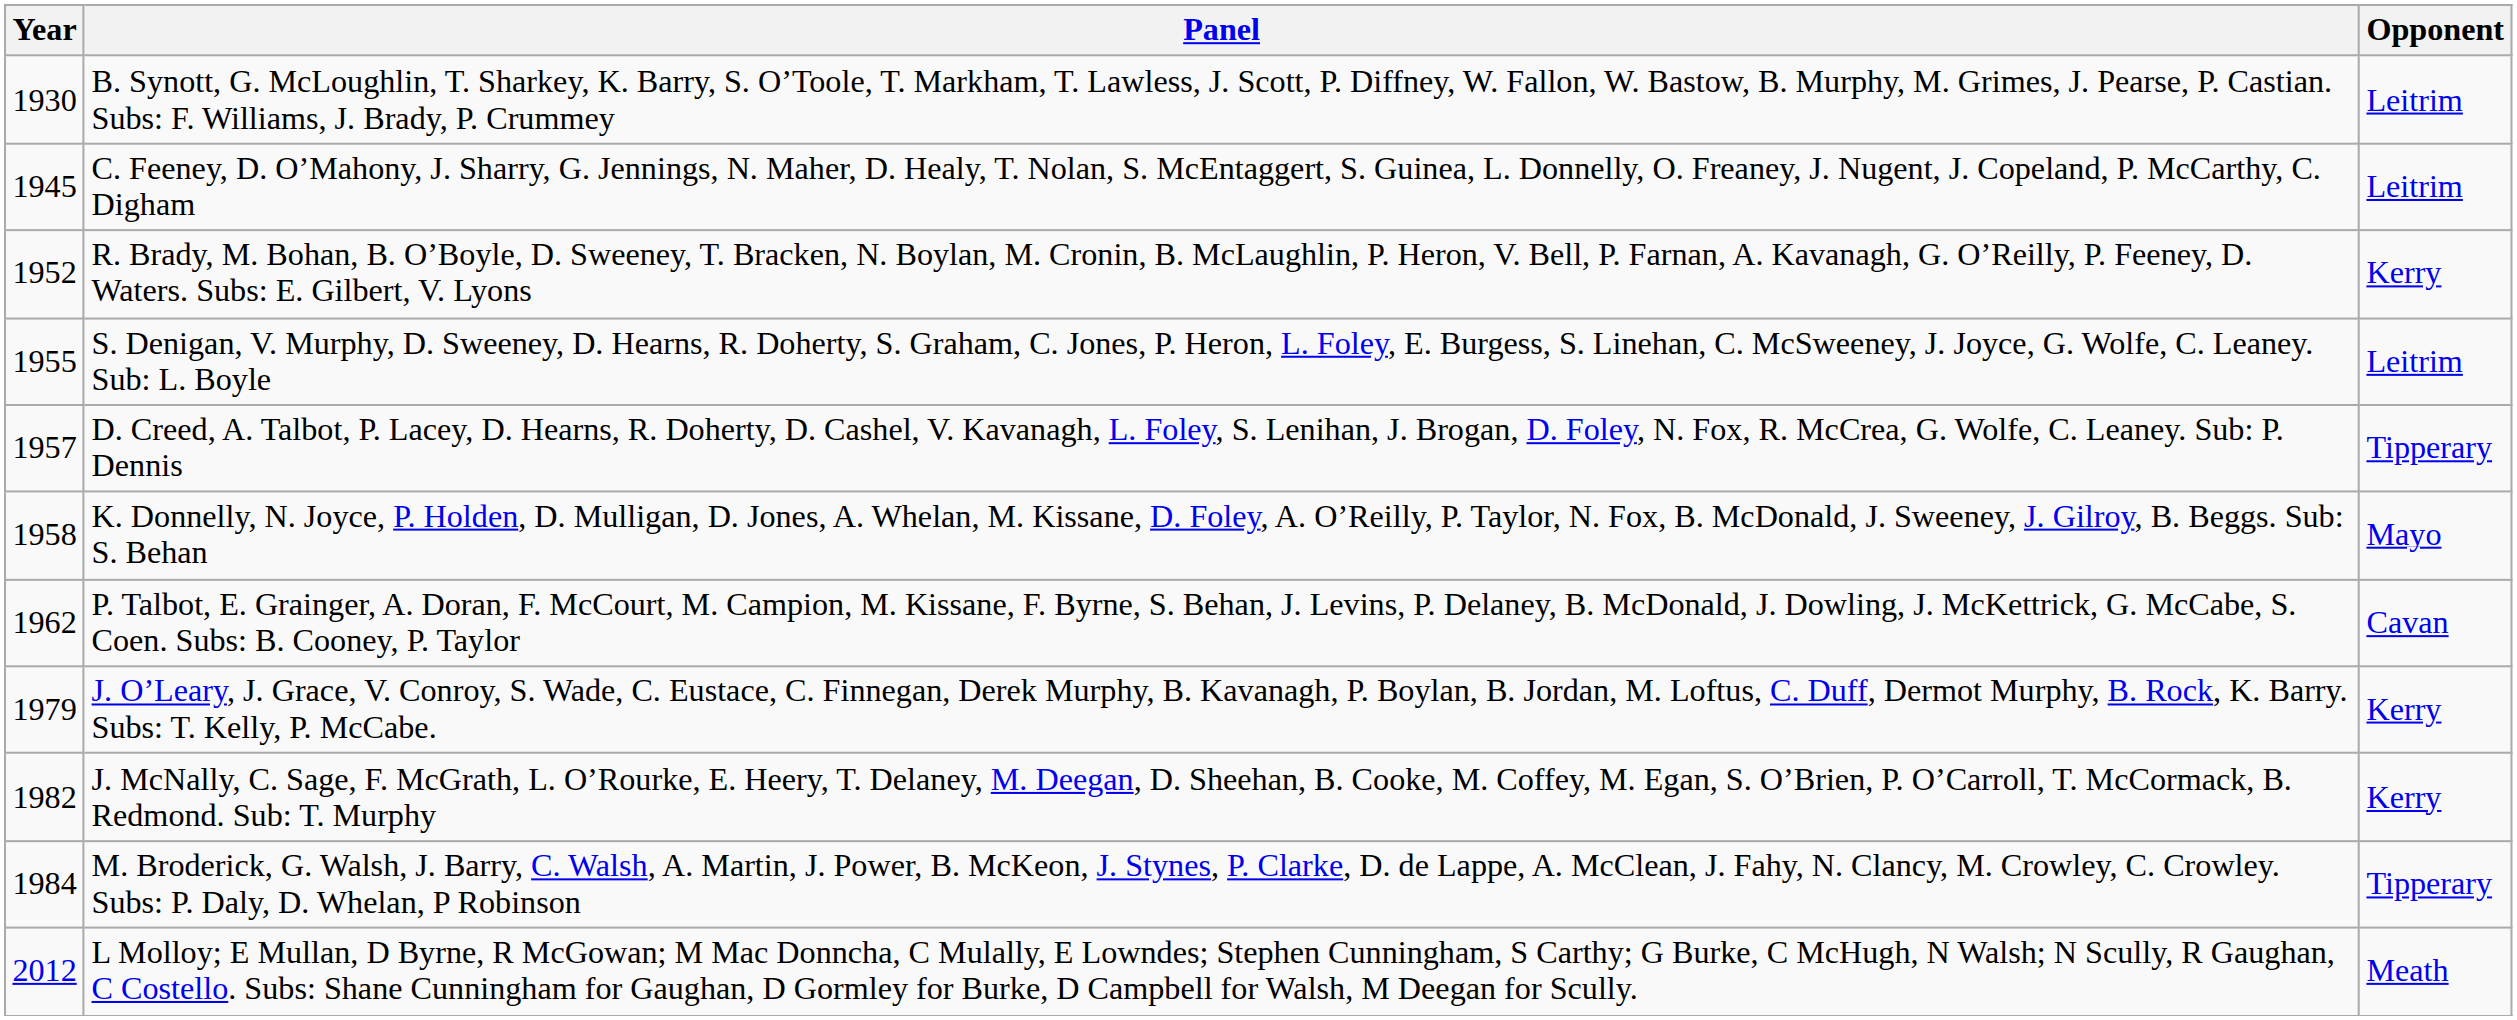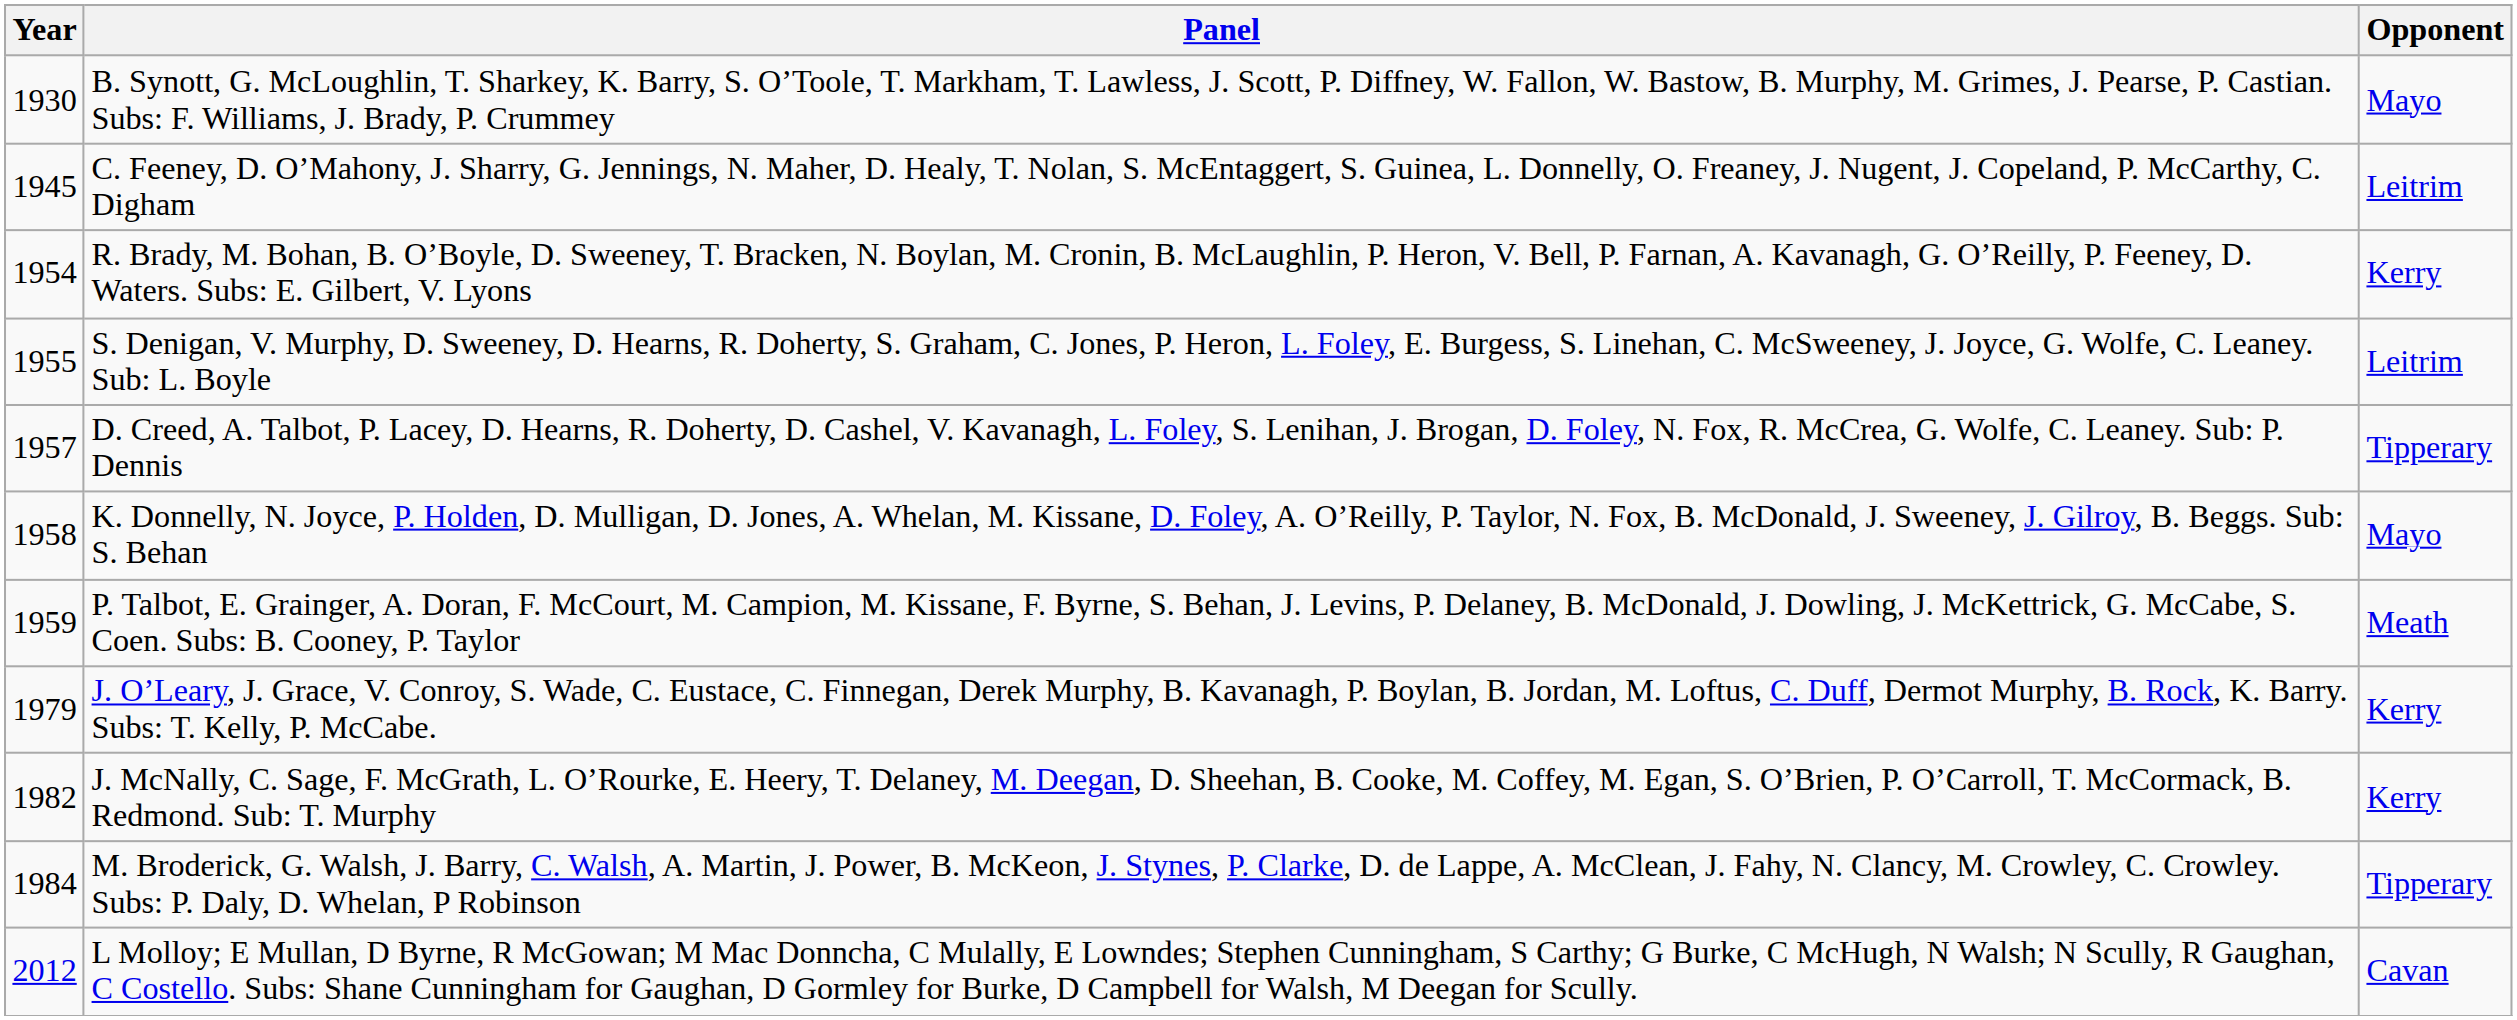 <table class="wikitable">
 <tr>
 <th>Year</th>
 <th><a href='#'>Panel</a></th>
 <th>Opponent</th>
 </tr>
 <tr>
 <td>1930</td>
 <td>B. Synott, G. McLoughlin, T. Sharkey, K. Barry, S. O’Toole, T. Markham, T. Lawless, J. Scott, P. Diffney, W. Fallon, W. Bastow, B. Murphy, M. Grimes, J. Pearse, P. Castian. Subs: F. Williams, J. Brady, P. Crummey</td>
-<td><a href='#'>Leitrim</a></td>
+<td><a href='#'>Mayo</a></td>
 </tr>
 <tr>
 <td>1945</td>
 <td>C. Feeney, D. O’Mahony, J. Sharry, G. Jennings, N. Maher, D. Healy, T. Nolan, S. McEntaggert, S. Guinea, L. Donnelly, O. Freaney, J. Nugent, J. Copeland, P. McCarthy, C. Digham</td>
 <td><a href='#'>Leitrim</a></td>
 </tr>
 <tr>
-<td>1952</td>
+<td>1954</td>
 <td>R. Brady, M. Bohan, B. O’Boyle, D. Sweeney, T. Bracken, N. Boylan, M. Cronin, B. McLaughlin, P. Heron, V. Bell, P. Farnan, A. Kavanagh, G. O’Reilly, P. Feeney, D. Waters. Subs: E. Gilbert, V. Lyons</td>
 <td><a href='#'>Kerry</a></td>
 </tr>
 <tr>
 <td>1955</td>
 <td>S. Denigan, V. Murphy, D. Sweeney, D. Hearns, R. Doherty, S. Graham, C. Jones, P. Heron, <a href='#'>L. Foley</a>, E. Burgess, S. Linehan, C. McSweeney, J. Joyce, G. Wolfe, C. Leaney. Sub: L. Boyle</td>
 <td><a href='#'>Leitrim</a></td>
 </tr>
 <tr>
 <td>1957</td>
 <td>D. Creed, A. Talbot, P. Lacey, D. Hearns, R. Doherty, D. Cashel, V. Kavanagh, <a href='#'>L. Foley</a>, S. Lenihan, J. Brogan, <a href='#'>D. Foley</a>, N. Fox, R. McCrea, G. Wolfe, C. Leaney. Sub: P. Dennis</td>
 <td><a href='#'>Tipperary</a></td>
 </tr>
 <tr>
 <td>1958</td>
 <td>K. Donnelly, N. Joyce, <a href='#'>P. Holden</a>, D. Mulligan, D. Jones, A. Whelan, M. Kissane, <a href='#'>D. Foley</a>, A. O’Reilly, P. Taylor, N. Fox, B. McDonald, J. Sweeney, <a href='#'>J. Gilroy</a>, B. Beggs. Sub: S. Behan</td>
 <td><a href='#'>Mayo</a></td>
 </tr>
 <tr>
-<td>1962</td>
+<td>1959</td>
 <td>P. Talbot, E. Grainger, A. Doran, F. McCourt, M. Campion, M. Kissane, F. Byrne, S. Behan, J. Levins, P. Delaney, B. McDonald, J. Dowling, J. McKettrick, G. McCabe, S. Coen. Subs: B. Cooney, P. Taylor</td>
-<td><a href='#'>Cavan</a></td>
+<td><a href='#'>Meath</a></td>
 </tr>
 <tr>
 <td>1979</td>
 <td><a href='#'>J. O’Leary</a>, J. Grace, V. Conroy, S. Wade, C. Eustace, C. Finnegan, Derek Murphy, B. Kavanagh, P. Boylan, B. Jordan, M. Loftus, <a href='#'>C. Duff</a>, Dermot Murphy, <a href='#'>B. Rock</a>, K. Barry. Subs: T. Kelly, P. McCabe.</td>
 <td><a href='#'>Kerry</a></td>
 </tr>
 <tr>
 <td>1982</td>
 <td>J. McNally, C. Sage, F. McGrath, L. O’Rourke, E. Heery, T. Delaney, <a href='#'>M. Deegan</a>, D. Sheehan, B. Cooke, M. Coffey, M. Egan, S. O’Brien, P. O’Carroll, T. McCormack, B. Redmond. Sub: T. Murphy</td>
 <td><a href='#'>Kerry</a></td>
 </tr>
 <tr>
 <td>1984</td>
 <td>M. Broderick, G. Walsh, J. Barry, <a href='#'>C. Walsh</a>, A. Martin, J. Power, B. McKeon, <a href='#'>J. Stynes</a>, <a href='#'>P. Clarke</a>, D. de Lappe, A. McClean, J. Fahy, N. Clancy, M. Crowley, C. Crowley. Subs: P. Daly, D. Whelan, P Robinson</td>
 <td><a href='#'>Tipperary</a></td>
 </tr>
 <tr>
 <td><a href='#'>2012</a></td>
 <td>L Molloy; E Mullan, D Byrne, R McGowan; M Mac Donncha, C Mulally, E Lowndes; Stephen Cunningham, S Carthy; G Burke, C McHugh, N Walsh; N Scully, R Gaughan, <a href='#'>C Costello</a>.  Subs: Shane Cunningham for Gaughan, D Gormley for Burke, D Campbell for Walsh, M Deegan for Scully.</td>
-<td><a href='#'>Meath</a></td>
+<td><a href='#'>Cavan</a></td>
 </tr>
 <tr>
 </tr>
 </table>
